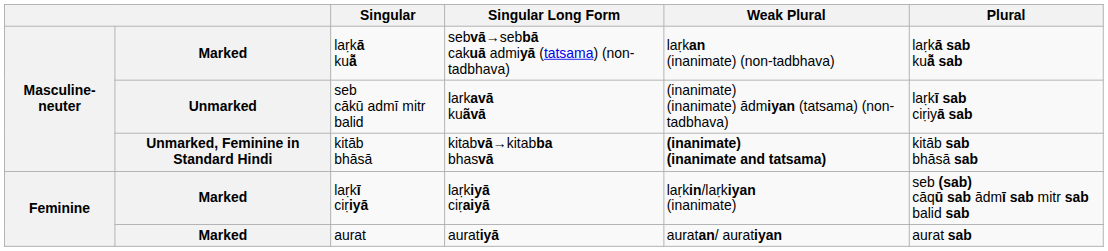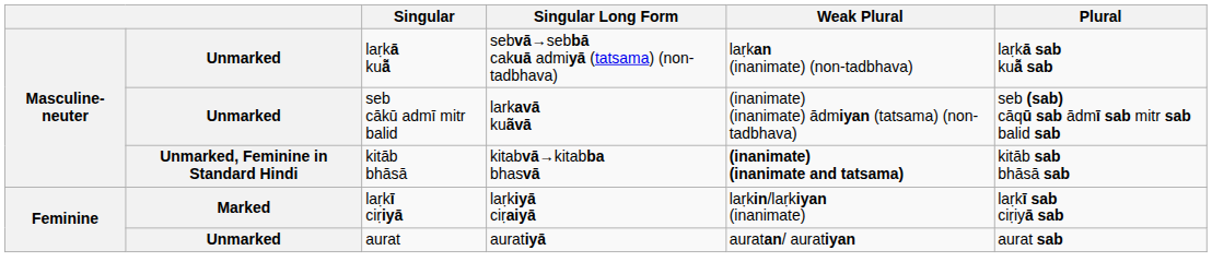 <table class="wikitable" style="margin: 1em auto 1em auto;">
 <tr>
 <th colspan="2"></th>
 <th>Singular</th>
 <th>Singular Long Form</th>
 <th>Weak Plural</th>
 <th>Plural</th>
 </tr>
 <tr>
 <th rowspan="3">Masculine-neuter</th>
-<th>Marked</th>
+<th>Unmarked</th>
 <td>laṛk<strong>ā</strong><br>ku<strong>ā̃</strong></td>
 <td>seb<strong>vā</strong>→seb<strong>bā</strong><br>cak<strong>uā</strong>  admi<strong>yā</strong>  (<a href='#'>tatsama</a>) (non-tadbhava)</td>
 <td>laṛk<strong>an</strong><br>(inanimate) (non-tadbhava)</td>
 <td>laṛk<strong>ā sab</strong><br>ku<strong>ā̃ sab</strong></td>
 </tr>
 <tr>
 <th>Unmarked</th>
 <td>seb<br>cākū  admī mitr  balid</td>
 <td>lark<strong>avā</strong><br>ku<strong>ãvā</strong></td>
 <td>(inanimate)<br>(inanimate) ādm<strong>iyan</strong> (tatsama) (non-tadbhava)</td>
-<td>laṛk<strong>ī sab</strong><br>ciṛiy<strong>ā sab</strong></td>
+<td>seb <strong>(sab)</strong><br>cāq<strong>ū sab</strong> ādm<strong>ī sab</strong> mitr <strong>sab</strong> balid <strong>sab</strong></td>
 </tr>
 <tr>
 <th>Unmarked, Feminine in Standard Hindi</th>
 <td>kitāb<br>bhāsā</td>
 <td>kitab<strong>vā</strong>→kitab<strong>ba</strong><br>bhas<strong>vā</strong></td>
 <td><strong>(inanimate)<br>(inanimate and tatsama)</strong></td>
 <td>kitāb <strong>sab</strong><br>bhāsā <strong>sab</strong></td>
 </tr>
 <tr>
 <th rowspan="2">Feminine</th>
 <th>Marked</th>
 <td>laṛk<strong>ī</strong><br>ciṛ<strong>iyā</strong></td>
 <td>laṛk<strong>iyā</strong><br>ciṛ<strong>aiyā</strong></td>
 <td>laṛk<strong>in</strong>/laṛk<strong>iyan</strong><br>(inanimate)</td>
-<td>seb <strong>(sab)</strong><br>cāq<strong>ū sab</strong> ādm<strong>ī sab</strong> mitr <strong>sab</strong> balid <strong>sab</strong></td>
+<td>laṛk<strong>ī sab</strong><br>ciṛiy<strong>ā sab</strong></td>
 </tr>
 <tr>
-<th>Marked</th>
+<th>Unmarked</th>
 <td>aurat</td>
 <td>aurat<strong>iyā</strong></td>
 <td>aurat<strong>an</strong>/ aurat<strong>iyan</strong></td>
 <td>aurat <strong>sab</strong></td>
 </tr>
 </table>
